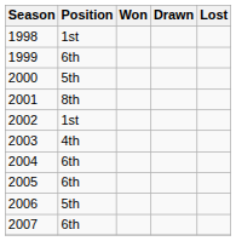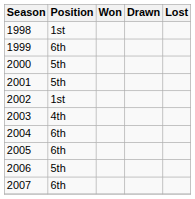 <table class="wikitable collapsible">
 <tr>
 <th>Season</th>
 <th>Position</th>
 <th>Won</th>
 <th>Drawn</th>
 <th>Lost</th>
 </tr>
 <tr style="background-color:#">
 <td>1998</td>
 <td>1st</td>
 <td></td>
 <td></td>
 <td></td>
 </tr>
 <tr style="background-color:#">
 <td>1999</td>
 <td>6th</td>
 <td></td>
 <td></td>
 <td></td>
 </tr>
 <tr>
 <td>2000</td>
 <td>5th</td>
 <td></td>
 <td></td>
 <td></td>
 </tr>
 <tr>
 <td>2001</td>
-<td>8th</td>
+<td>5th</td>
 <td></td>
 <td></td>
 <td></td>
 </tr>
 <tr>
 <td>2002</td>
 <td>1st</td>
 <td></td>
 <td></td>
 <td></td>
 </tr>
 <tr>
 <td>2003</td>
 <td>4th</td>
 <td></td>
 <td></td>
 <td></td>
 </tr>
 <tr>
 <td>2004</td>
 <td>6th</td>
 <td></td>
 <td></td>
 <td></td>
 </tr>
 <tr>
 <td>2005</td>
 <td>6th</td>
 <td></td>
 <td></td>
 <td></td>
 </tr>
 <tr>
 <td>2006</td>
 <td>5th</td>
 <td></td>
 <td></td>
 <td></td>
 </tr>
 <tr>
 <td>2007</td>
 <td>6th</td>
 <td></td>
 <td></td>
 <td></td>
 </tr>
 <tr>
 </tr>
 </table>
